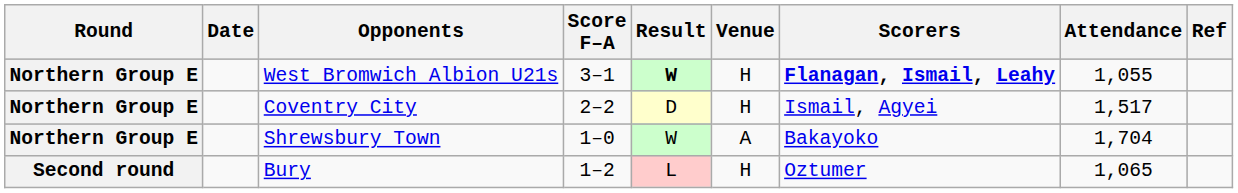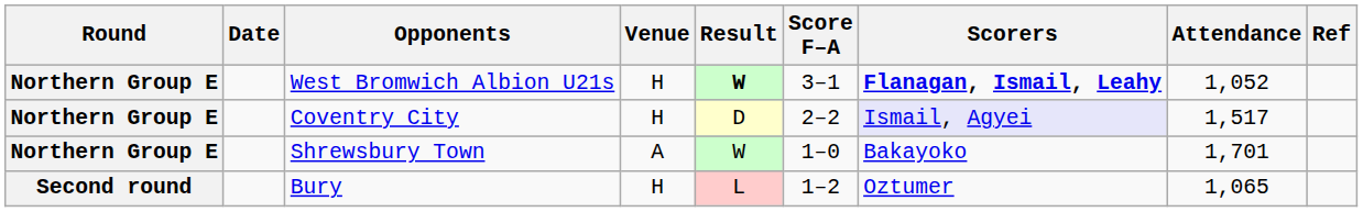 <table class="wikitable plainrowheaders sortable" style="text-align:center">
 <tr>
 <th scope="col">Round</th>
 <th scope="col">Date</th>
 <th scope="col">Opponents</th>
+<th scope="col">Venue</th>
+<th scope="col">Result</th>
 <th scope="col">Score<br>F–A</th>
-<th scope="col">Result</th>
-<th scope="col">Venue</th>
 <th scope="col" class="unsortable">Scorers</th>
 <th scope="col">Attendance</th>
 <th scope="col" class="unsortable">Ref</th>
 </tr>
 <tr>
 <th scope="row">Northern Group E</th>
 <td align="left"></td>
 <td align="left"><a href='#'>West Bromwich Albion U21s</a></td>
+<td>H</td>
+<td bgcolor="#CCFFCC"><strong>W</strong></td>
 <td>3–1</td>
-<td bgcolor="#CCFFCC"><strong>W</strong></td>
-<td>H</td>
 <td align="left"><strong><a href='#'>Flanagan</a>, <a href='#'>Ismail</a>, <a href='#'>Leahy</a></strong></td>
-<td>1,055</td>
+<td>1,052</td>
 <td></td>
 </tr>
 <tr>
 <th scope="row">Northern Group E</th>
 <td align="left"></td>
 <td align="left"><a href='#'>Coventry City</a></td>
+<td>H</td>
+<td style="background-color:#FFFFCC">D</td>
 <td>2–2</td>
-<td style="background-color:#FFFFCC">D</td>
-<td>H</td>
-<td align="left"><a href='#'>Ismail</a>, <a href='#'>Agyei</a></td>
+<td align="left" style="background: lavender;"><a href='#'>Ismail</a>, <a href='#'>Agyei</a></td>
 <td>1,517</td>
 <td></td>
 </tr>
 <tr>
 <th scope="row">Northern Group E</th>
 <td align="left"></td>
 <td align="left"><a href='#'>Shrewsbury Town</a></td>
+<td>A</td>
+<td bgcolor="#CCFFCC">W</td>
 <td>1–0</td>
-<td bgcolor="#CCFFCC">W</td>
-<td>A</td>
 <td align="left"><a href='#'>Bakayoko</a></td>
-<td>1,704</td>
+<td>1,701</td>
 <td></td>
 </tr>
 <tr>
 <th scope="row">Second round</th>
 <td align="left"></td>
 <td align="left"><a href='#'>Bury</a></td>
+<td>H</td>
+<td style="background-color:#FFCCCC">L</td>
 <td>1–2</td>
-<td style="background-color:#FFCCCC">L</td>
-<td>H</td>
 <td align="left"><a href='#'>Oztumer</a></td>
 <td>1,065</td>
 <td></td>
 </tr>
 </table>
